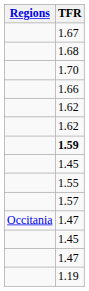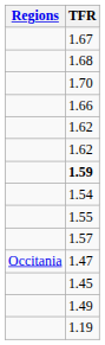 <table class="wikitable sortable">
 <tr>
 <th><a href='#'>Regions</a></th>
 <th>TFR</th>
 </tr>
 <tr>
 <td></td>
 <td>1.67</td>
 </tr>
 <tr>
 <td></td>
 <td>1.68</td>
 </tr>
 <tr>
 <td></td>
 <td>1.70</td>
 </tr>
 <tr>
 <td></td>
 <td>1.66</td>
 </tr>
 <tr>
 <td></td>
 <td>1.62</td>
 </tr>
 <tr>
 <td></td>
 <td>1.62</td>
 </tr>
 <tr>
 <td><strong></strong></td>
 <td><strong>1.59</strong></td>
 </tr>
 <tr>
 <td></td>
-<td>1.45</td>
+<td>1.54</td>
 </tr>
 <tr>
 <td></td>
 <td>1.55</td>
 </tr>
 <tr>
 <td></td>
 <td>1.57</td>
 </tr>
 <tr>
 <td> <a href='#'>Occitania</a></td>
 <td>1.47</td>
 </tr>
 <tr>
 <td></td>
 <td>1.45</td>
 </tr>
 <tr>
 <td></td>
-<td>1.47</td>
+<td>1.49</td>
 </tr>
 <tr>
 <td></td>
 <td>1.19</td>
 </tr>
 </table>
